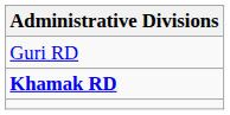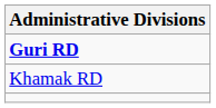 <table class="wikitable">
 <tr>
 <th>Administrative Divisions</th>
 </tr>
 <tr>
-<td><a href='#'>Guri RD</a></td>
+<td><strong><a href='#'>Guri RD</a></strong></td>
 </tr>
 <tr>
-<td><strong><a href='#'>Khamak RD</a></strong></td>
+<td><a href='#'>Khamak RD</a></td>
 </tr>
 <tr>
 <td colspan=4></td>
 </tr>
 </table>
